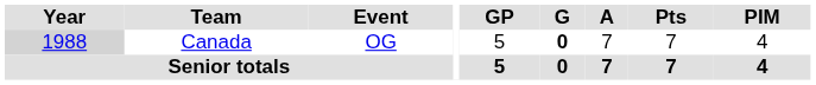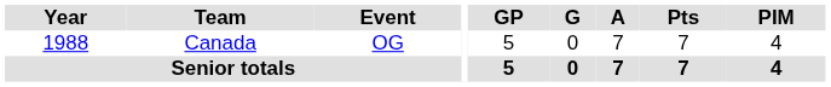 <table border="0" cellpadding="1" cellspacing="0" ID="Table3" style="text-align:center; width:40em">
 <tr ALIGN="center" bgcolor="#e0e0e0">
 <th>Year</th>
 <th>Team</th>
 <th>Event</th>
 <th rowspan="99" bgcolor="#ffffff"></th>
 <th>GP</th>
 <th>G</th>
 <th>A</th>
 <th>Pts</th>
 <th>PIM</th>
 </tr>
 <tr>
-<td style="background: lightgrey;"><a href='#'>1988</a></td>
+<td><a href='#'>1988</a></td>
 <td><a href='#'>Canada</a></td>
 <td><a href='#'>OG</a></td>
 <td>5</td>
-<td><strong>0</strong></td>
+<td>0</td>
 <td>7</td>
 <td>7</td>
 <td>4</td>
 </tr>
 <tr bgcolor="#e0e0e0">
 <th colspan="3">Senior totals</th>
 <th>5</th>
 <th>0</th>
 <th>7</th>
 <th>7</th>
 <th>4</th>
 </tr>
 </table>
